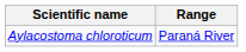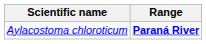 <table class="wikitable sortable">
 <tr>
 <th>Scientific name</th>
 <th>Range</th>
 </tr>
 <tr>
 <td><em><a href='#'>Aylacostoma chloroticum</a></em></td>
-<td><a href='#'>Paraná River</a></td>
+<td><strong><a href='#'>Paraná River</a></strong></td>
 </tr>
 </table>
